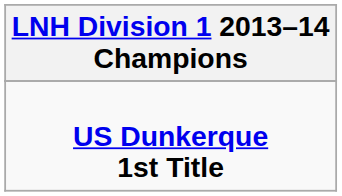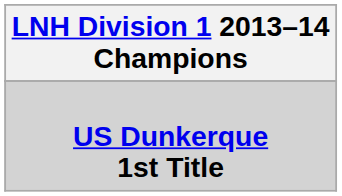 <table class="wikitable" style="text-align: center; margin: 0 auto;">
 <tr>
 <th><a href='#'>LNH Division 1</a> 2013–14<br>Champions</th>
 </tr>
 <tr>
 </tr>
 <tr>
-<td><br><strong><a href='#'>US Dunkerque</a></strong><br><strong>1st Title</strong></td>
+<td style="background: lightgrey;"><br><strong><a href='#'>US Dunkerque</a></strong><br><strong>1st Title</strong></td>
 </tr>
 </table>
